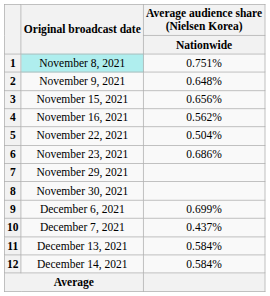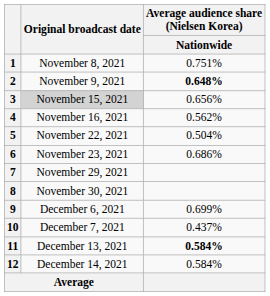 <table class="wikitable" style="text-align:center">
 <tr>
 <th scope="col" rowspan="2"></th>
 <th scope="col" rowspan="2">Original broadcast date</th>
 <th scope="col">Average audience share<br>(Nielsen Korea)</th>
 </tr>
 <tr>
 <th>Nationwide</th>
 </tr>
 <tr>
 <th>1</th>
-<td style="background: paleturquoise;">November 8, 2021</td>
+<td>November 8, 2021</td>
 <td>0.751% </td>
 </tr>
 <tr>
 <th>2</th>
 <td>November 9, 2021</td>
-<td>0.648% </td>
+<td><strong>0.648% </strong></td>
 </tr>
 <tr>
 <th>3</th>
-<td>November 15, 2021</td>
+<td style="background: lightgrey;">November 15, 2021</td>
 <td>0.656% </td>
 </tr>
 <tr>
 <th>4</th>
 <td>November 16, 2021</td>
 <td>0.562% </td>
 </tr>
 <tr>
 <th>5</th>
 <td>November 22, 2021</td>
 <td>0.504% </td>
 </tr>
 <tr>
 <th>6</th>
 <td>November 23, 2021</td>
 <td>0.686% </td>
 </tr>
 <tr>
 <th>7</th>
 <td>November 29, 2021</td>
 <td><strong></strong> </td>
 </tr>
 <tr>
 <th>8</th>
 <td>November 30, 2021</td>
 <td><strong></strong> </td>
 </tr>
 <tr>
 <th>9</th>
 <td>December 6, 2021</td>
 <td>0.699% </td>
 </tr>
 <tr>
 <th>10</th>
 <td>December 7, 2021</td>
 <td>0.437% </td>
 </tr>
 <tr>
 <th>11</th>
 <td>December 13, 2021</td>
-<td>0.584% </td>
+<td><strong>0.584% </strong></td>
 </tr>
 <tr>
 <th>12</th>
 <td>December 14, 2021</td>
 <td>0.584% </td>
 </tr>
 <tr>
 <th colspan="2">Average</th>
 <th></th>
 </tr>
 </table>
